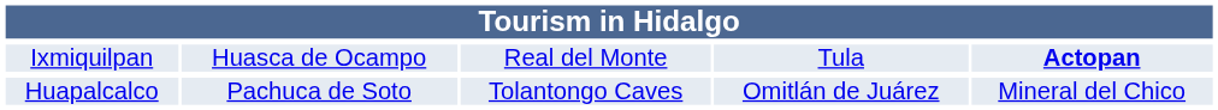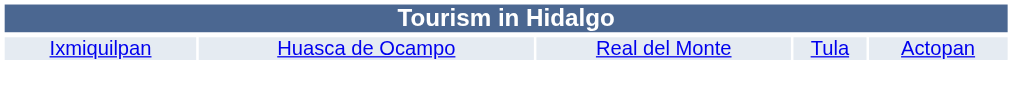 <table class="toc" cellpadding=0 cellspacing=2 width=800px style="float:center; margin: 0.5em 0.5em 0.5em 1em; padding: 0.5e">
 <tr>
 <td colspan=5 style="background:#4b6791; color:white; font-size:120%" align=center><strong>Tourism in Hidalgo</strong></td>
 </tr>
 <tr>
 <td align=center valign=center bgcolor="#f9f9f9"></td>
 <td align=center valign=center bgcolor="#f9f9f9"></td>
 <td align=center valign=center bgcolor="#f9f9f9"></td>
 <td align=center valign=center bgcolor="#f9f9f9"></td>
 <td align=center valign=center bgcolor="#f9f9f9"></td>
 </tr>
 <tr>
 <td style="background:#e5ebf2;" align=center><a href='#'>Ixmiquilpan</a></td>
 <td style="background:#e5ebf2;" align=center><a href='#'>Huasca de Ocampo</a></td>
 <td style="background:#e5ebf2;" align=center><a href='#'>Real del Monte</a></td>
 <td style="background:#e5ebf2;" align=center><a href='#'>Tula</a></td>
-<td style="background:#e5ebf2;" align=center><strong><a href='#'>Actopan</a></strong></td>
+<td style="background:#e5ebf2;" align=center><a href='#'>Actopan</a></td>
 </tr>
 <tr>
 <td align=center valign=center bgcolor="#f9f9f9"></td>
 <td align=center valign=center bgcolor="#f9f9f9"></td>
 <td align=center valign=center bgcolor="#f9f9f9"></td>
 <td align=center valign=center bgcolor="#f9f9f9"></td>
 <td align=center valign=center bgcolor="#f9f9f9"></td>
 </tr>
 <tr>
-<td style="background:#e5ebf2;" align=center><a href='#'>Huapalcalco</a></td>
-<td style="background:#e5ebf2;" align=center><a href='#'>Pachuca de Soto</a></td>
-<td style="background:#e5ebf2;" align=center><a href='#'>Tolantongo Caves</a></td>
-<td style="background:#e5ebf2;" align=center><a href='#'>Omitlán de Juárez</a></td>
-<td style="background:#e5ebf2;" align=center><a href='#'>Mineral del Chico</a></td>
-</tr>
-<tr>
 </tr>
 </table>
